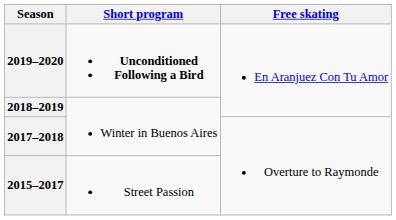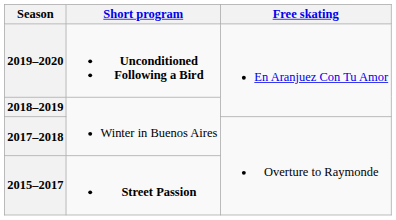 <table class=wikitable style=text-align:center>
 <tr>
 <th>Season</th>
 <th><a href='#'>Short program</a></th>
 <th><a href='#'>Free skating</a></th>
 </tr>
 <tr>
 <th>2019–2020</th>
 <td><strong><br><ul><li>Unconditioned</li><li>Following a Bird <br> </li></ul></strong></td>
 <td rowspan=2><br><ul><li><a href='#'>En Aranjuez Con Tu Amor</a> <br> </li></ul></td>
 </tr>
 <tr>
 <th>2018–2019 <br> </th>
 <td rowspan=2><br><ul><li>Winter in Buenos Aires <br> </li></ul></td>
 </tr>
 <tr>
 <th>2017–2018 <br> </th>
 <td rowspan=2><br><ul><li>Overture to Raymonde <br> </li></ul></td>
 </tr>
 <tr>
 <th>2015–2017 <br> </th>
-<td><br><ul><li>Street Passion <br> </li></ul></td>
+<td><strong><br><ul><li>Street Passion <br> </li></ul></strong></td>
 </tr>
 </table>
